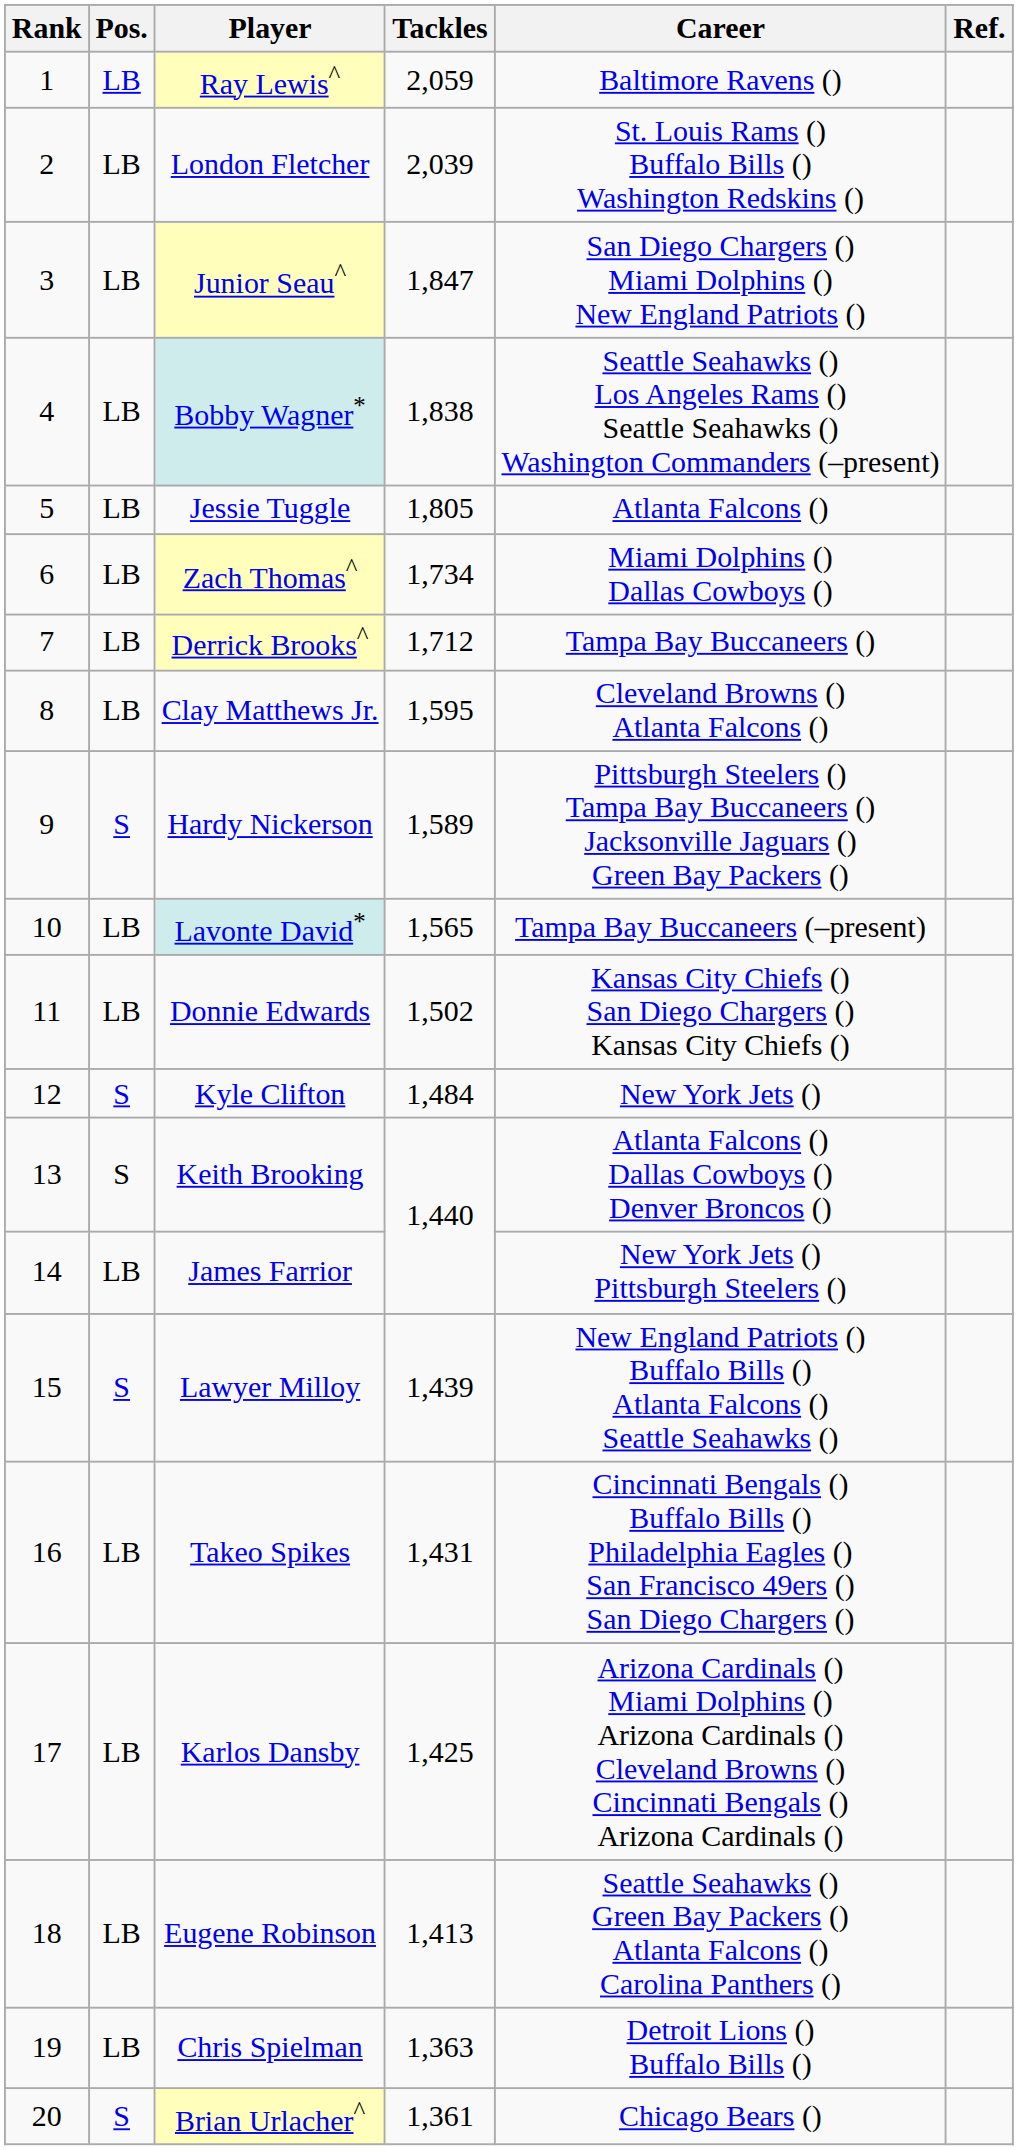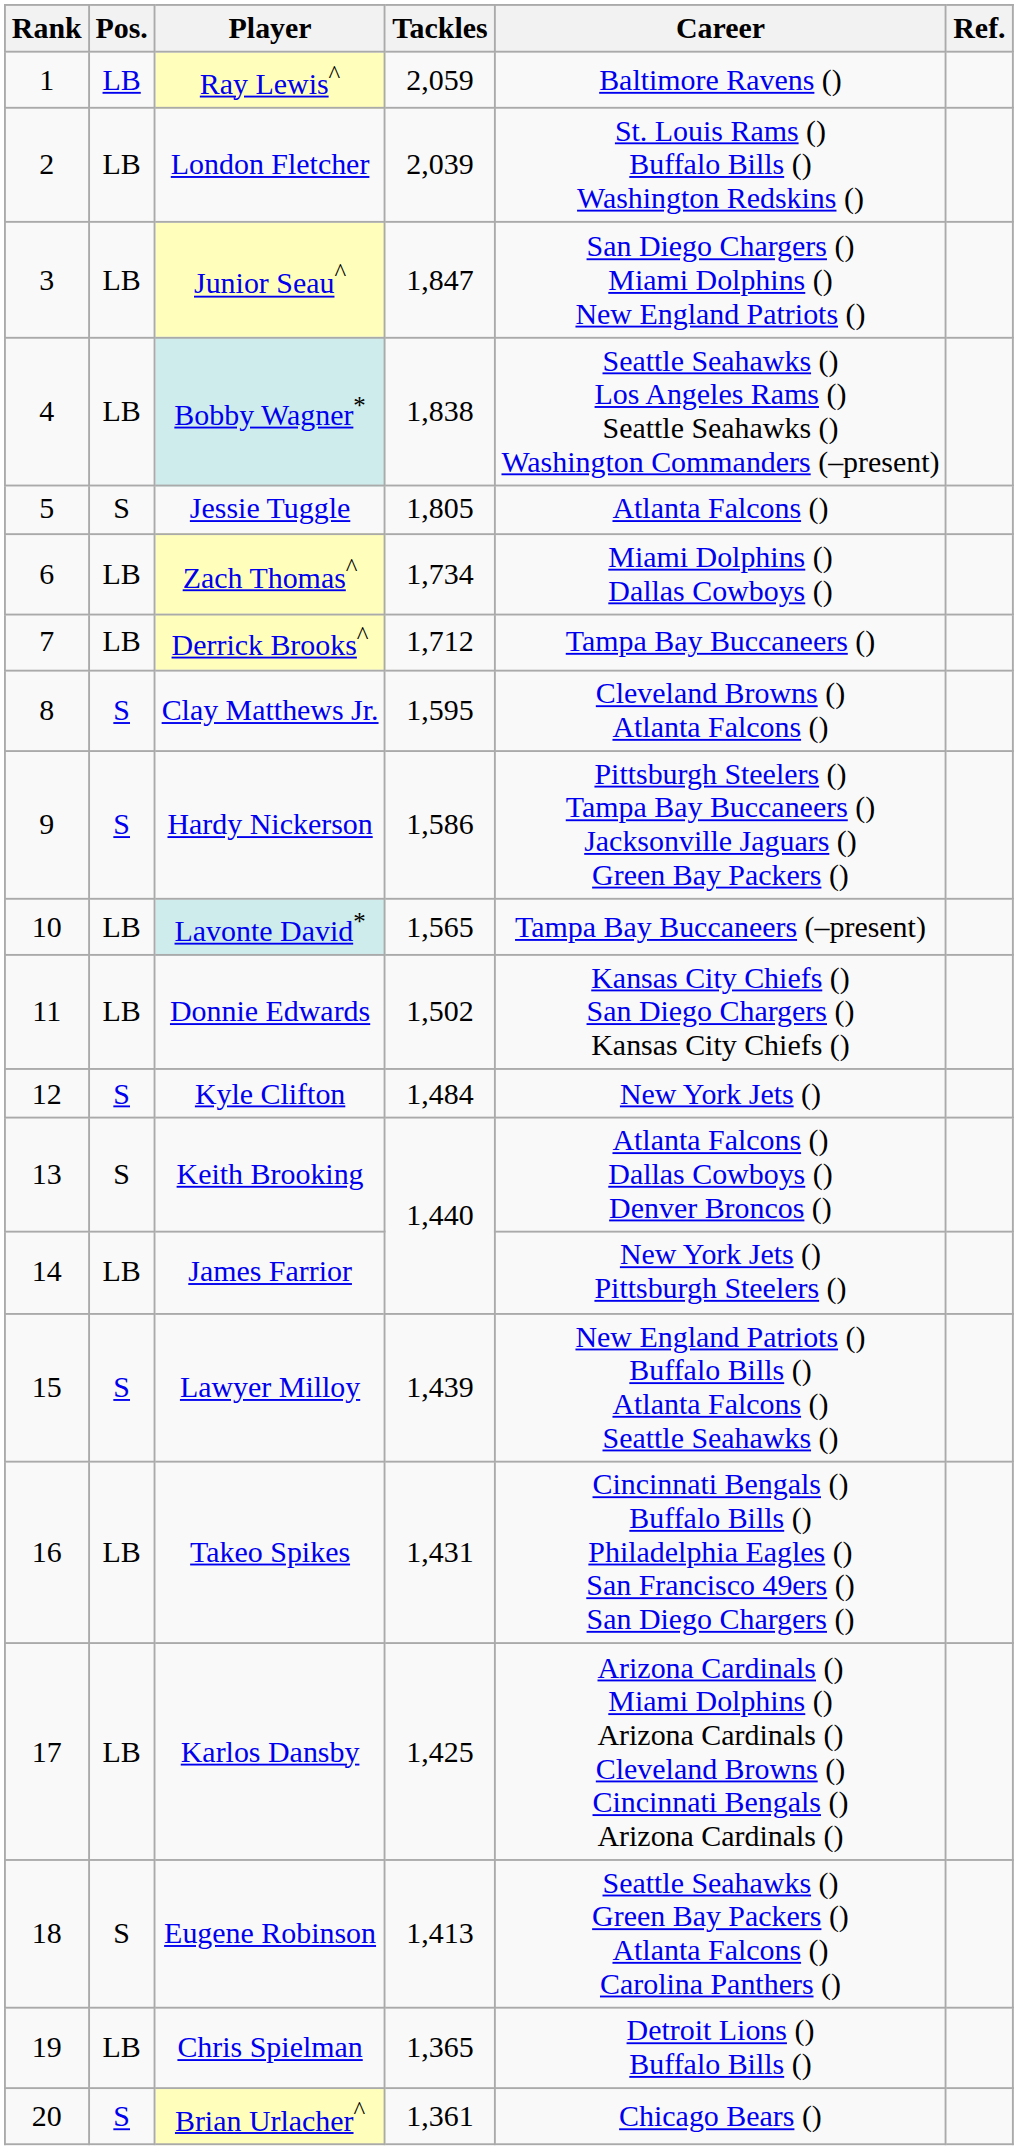 <table class="wikitable sortable " style="text-align:center;">
 <tr>
 <th>Rank</th>
 <th>Pos.</th>
 <th>Player</th>
 <th>Tackles</th>
 <th>Career</th>
 <th class="unsortable">Ref.</th>
 </tr>
 <tr>
 <td>1</td>
 <td><a href='#'>LB</a></td>
 <td style="background:#ffb;"><a href='#'>Ray Lewis</a><sup>^</sup></td>
 <td>2,059</td>
 <td><a href='#'>Baltimore Ravens</a> ()</td>
 <td></td>
 </tr>
 <tr>
 <td>2</td>
 <td>LB</td>
 <td><a href='#'>London Fletcher</a></td>
 <td>2,039</td>
 <td><a href='#'>St. Louis Rams</a> () <br> <a href='#'>Buffalo Bills</a> () <br> <a href='#'>Washington Redskins</a> ()</td>
 <td></td>
 </tr>
 <tr>
 <td>3</td>
 <td>LB</td>
 <td style="background:#ffb;"><a href='#'>Junior Seau</a><sup>^</sup></td>
 <td>1,847</td>
 <td><a href='#'>San Diego Chargers</a> () <br> <a href='#'>Miami Dolphins</a> () <br> <a href='#'>New England Patriots</a> ()</td>
 <td></td>
 </tr>
 <tr>
 <td>4</td>
 <td>LB</td>
 <td style="background:#cfecec;"><a href='#'>Bobby Wagner</a><sup>*</sup></td>
 <td>1,838</td>
 <td><a href='#'>Seattle Seahawks</a> () <br> <a href='#'>Los Angeles Rams</a> () <br> Seattle Seahawks () <br> <a href='#'>Washington Commanders</a> (–present)</td>
 <td></td>
 </tr>
 <tr>
 <td>5</td>
-<td>LB</td>
+<td>S</td>
 <td><a href='#'>Jessie Tuggle</a></td>
 <td>1,805</td>
 <td><a href='#'>Atlanta Falcons</a> ()</td>
 <td></td>
 </tr>
 <tr>
 <td>6</td>
 <td>LB</td>
 <td style="background:#ffb;"><a href='#'>Zach Thomas</a><sup>^</sup></td>
 <td>1,734</td>
 <td><a href='#'>Miami Dolphins</a> () <br> <a href='#'>Dallas Cowboys</a> ()</td>
 <td></td>
 </tr>
 <tr>
 <td>7</td>
 <td>LB</td>
 <td style="background:#ffb;"><a href='#'>Derrick Brooks</a><sup>^</sup></td>
 <td>1,712</td>
 <td><a href='#'>Tampa Bay Buccaneers</a> ()</td>
 <td></td>
 </tr>
 <tr>
 <td>8</td>
-<td>LB</td>
+<td><a href='#'>S</a></td>
 <td><a href='#'>Clay Matthews Jr.</a></td>
 <td>1,595</td>
 <td><a href='#'>Cleveland Browns</a> () <br> <a href='#'>Atlanta Falcons</a> ()</td>
 <td></td>
 </tr>
 <tr>
 <td>9</td>
 <td><a href='#'>S</a></td>
 <td><a href='#'>Hardy Nickerson</a></td>
-<td>1,589</td>
+<td>1,586</td>
 <td><a href='#'>Pittsburgh Steelers</a> () <br> <a href='#'>Tampa Bay Buccaneers</a> () <br> <a href='#'>Jacksonville Jaguars</a> () <br> <a href='#'>Green Bay Packers</a> ()</td>
 <td></td>
 </tr>
 <tr>
 <td>10</td>
 <td>LB</td>
 <td style="background:#cfecec;"><a href='#'>Lavonte David</a><sup>*</sup></td>
 <td>1,565</td>
 <td><a href='#'>Tampa Bay Buccaneers</a> (–present)</td>
 <td></td>
 </tr>
 <tr>
 <td>11</td>
 <td>LB</td>
 <td><a href='#'>Donnie Edwards</a></td>
 <td>1,502</td>
 <td><a href='#'>Kansas City Chiefs</a> () <br> <a href='#'>San Diego Chargers</a> () <br> Kansas City Chiefs ()</td>
 <td></td>
 </tr>
 <tr>
 <td>12</td>
 <td><a href='#'>S</a></td>
 <td><a href='#'>Kyle Clifton</a></td>
 <td>1,484</td>
 <td><a href='#'>New York Jets</a> ()</td>
 <td></td>
 </tr>
 <tr>
 <td>13</td>
 <td>S</td>
 <td><a href='#'>Keith Brooking</a></td>
 <td rowspan="2">1,440</td>
 <td><a href='#'>Atlanta Falcons</a> () <br> <a href='#'>Dallas Cowboys</a> () <br> <a href='#'>Denver Broncos</a> ()</td>
 <td></td>
 </tr>
 <tr>
 <td>14</td>
 <td>LB</td>
 <td><a href='#'>James Farrior</a></td>
 <td><a href='#'>New York Jets</a> () <br> <a href='#'>Pittsburgh Steelers</a> ()</td>
 <td></td>
 </tr>
 <tr>
 <td>15</td>
 <td><a href='#'>S</a></td>
 <td><a href='#'>Lawyer Milloy</a></td>
 <td>1,439</td>
 <td><a href='#'>New England Patriots</a> () <br> <a href='#'>Buffalo Bills</a> () <br> <a href='#'>Atlanta Falcons</a> () <br> <a href='#'>Seattle Seahawks</a> ()</td>
 <td></td>
 </tr>
 <tr>
 <td>16</td>
 <td>LB</td>
 <td><a href='#'>Takeo Spikes</a></td>
 <td>1,431</td>
 <td><a href='#'>Cincinnati Bengals</a> () <br> <a href='#'>Buffalo Bills</a> () <br> <a href='#'>Philadelphia Eagles</a> () <br> <a href='#'>San Francisco 49ers</a> () <br> <a href='#'>San Diego Chargers</a> ()</td>
 <td></td>
 </tr>
 <tr>
 <td>17</td>
 <td>LB</td>
 <td><a href='#'>Karlos Dansby</a></td>
 <td>1,425</td>
 <td><a href='#'>Arizona Cardinals</a> () <br> <a href='#'>Miami Dolphins</a> () <br> Arizona Cardinals () <br> <a href='#'>Cleveland Browns</a> () <br> <a href='#'>Cincinnati Bengals</a> () <br> Arizona Cardinals ()</td>
 <td></td>
 </tr>
 <tr>
 <td>18</td>
-<td>LB</td>
+<td>S</td>
 <td><a href='#'>Eugene Robinson</a></td>
 <td>1,413</td>
 <td><a href='#'>Seattle Seahawks</a> () <br> <a href='#'>Green Bay Packers</a> () <br> <a href='#'>Atlanta Falcons</a> () <br> <a href='#'>Carolina Panthers</a> ()</td>
 <td></td>
 </tr>
 <tr>
 <td>19</td>
 <td>LB</td>
 <td><a href='#'>Chris Spielman</a></td>
-<td>1,363</td>
+<td>1,365</td>
 <td><a href='#'>Detroit Lions</a> () <br> <a href='#'>Buffalo Bills</a> ()</td>
 <td></td>
 </tr>
 <tr>
 <td>20</td>
 <td><a href='#'>S</a></td>
 <td style="background:#ffb;"><a href='#'>Brian Urlacher</a><sup>^</sup></td>
 <td>1,361</td>
 <td><a href='#'>Chicago Bears</a> ()</td>
 <td></td>
 </tr>
 </table>
